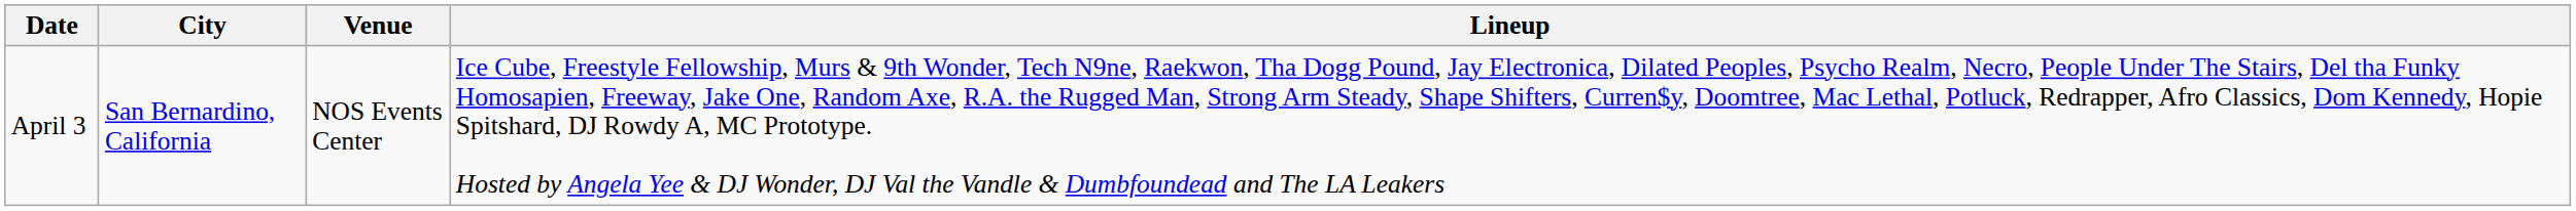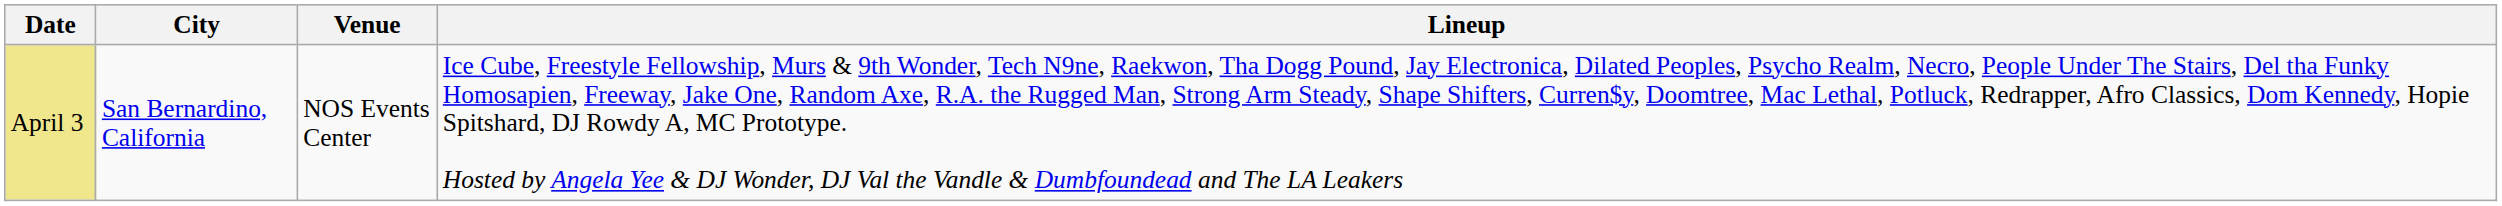 <table class="wikitable">
 <tr>
 <th width=50px>Date</th>
 <th colspan=12>City</th>
 <th colspan=12>Venue</th>
 <th colspan=12>Lineup</th>
 </tr>
 <tr>
-<td>April 3</td>
+<td style="background: khaki;">April 3</td>
 <td colspan=12><a href='#'>San Bernardino, California</a></td>
 <td colspan=12>NOS Events Center</td>
 <td colspan=12><a href='#'>Ice Cube</a>, <a href='#'>Freestyle Fellowship</a>, <a href='#'>Murs</a> & <a href='#'>9th Wonder</a>, <a href='#'>Tech N9ne</a>, <a href='#'>Raekwon</a>, <a href='#'>Tha Dogg Pound</a>, <a href='#'>Jay Electronica</a>, <a href='#'>Dilated Peoples</a>, <a href='#'>Psycho Realm</a>, <a href='#'>Necro</a>, <a href='#'>People Under The Stairs</a>, <a href='#'>Del tha Funky Homosapien</a>, <a href='#'>Freeway</a>, <a href='#'>Jake One</a>, <a href='#'>Random Axe</a>, <a href='#'>R.A. the Rugged Man</a>, <a href='#'>Strong Arm Steady</a>, <a href='#'>Shape Shifters</a>, <a href='#'>Curren$y</a>, <a href='#'>Doomtree</a>, <a href='#'>Mac Lethal</a>, <a href='#'>Potluck</a>, Redrapper, Afro Classics, <a href='#'>Dom Kennedy</a>, Hopie Spitshard, DJ Rowdy A, MC Prototype.<br><br><em>Hosted by <a href='#'>Angela Yee</a> & DJ Wonder, DJ Val the Vandle & <a href='#'>Dumbfoundead</a> and The LA Leakers</em></td>
 </tr>
 </table>
